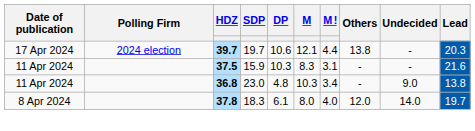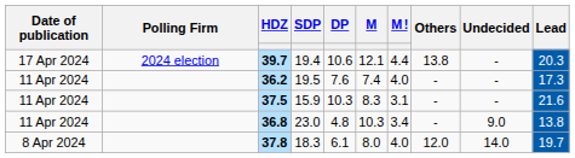 <table class="wikitable sortable" style="text-align:center; font-size:90%; line-height:16px;">
 <tr style="height:42px;">
 <th style="width:100px;" rowspan="2">Date of publication</th>
 <th style="width:165px;" rowspan="2">Polling Firm</th>
 <th><a href='#'>HDZ</a></th>
 <th><a href='#'>SDP</a></th>
 <th><a href='#'>DP</a></th>
 <th><a href='#'>M</a></th>
 <th style="letter-spacing:-1px;"><a href='#'>M !</a></th>
 <th class="unsortable" style="width:40px;" rowspan="2">Others</th>
 <th class="unsortable" style="width:40px;" rowspan="2">Undecided</th>
 <th class="unsortable" style="width:20px;" rowspan="2">Lead</th>
 </tr>
 <tr>
 <th style="color:inherit;background:"></th>
 <th data-sort-type="number" style="color:inherit;background:"></th>
 <th style="color:inherit;background:"></th>
 <th style="color:inherit;background:"></th>
 <th style="color:inherit;background:"></th>
 </tr>
 <tr>
 <td>17 Apr 2024</td>
 <td><a href='#'>2024 election</a></td>
 <td style="background:#B3E0FF"><strong>39.7</strong></td>
-<td>19.7</td>
+<td>19.4</td>
 <td>10.6</td>
 <td>12.1</td>
 <td>4.4</td>
 <td>13.8</td>
 <td>-</td>
 <td style="background:#005BAA; color: white">20.3</td>
+</tr>
+<tr>
+<td>11 Apr 2024</td>
+<td></td>
+<td style="background:#B3E0FF"><strong>36.2</strong></td>
+<td>19.5</td>
+<td>7.6</td>
+<td>7.4</td>
+<td>4.0</td>
+<td>-</td>
+<td>-</td>
+<td style="background:#005BAA; color: white">17.3</td>
 </tr>
 <tr>
 <td>11 Apr 2024</td>
 <td></td>
 <td style="background:#B3E0FF"><strong>37.5</strong></td>
 <td>15.9</td>
 <td>10.3</td>
 <td>8.3</td>
 <td>3.1</td>
 <td>-</td>
 <td>-</td>
 <td style="background:#005BAA; color: white">21.6</td>
 </tr>
 <tr>
 <td>11 Apr 2024</td>
 <td></td>
 <td style="background:#B3E0FF"><strong>36.8</strong></td>
 <td>23.0</td>
 <td>4.8</td>
 <td>10.3</td>
 <td>3.4</td>
 <td>-</td>
 <td>9.0</td>
 <td style="background:#005BAA; color: white">13.8</td>
 </tr>
 <tr>
 <td>8 Apr 2024</td>
 <td></td>
 <td style="background:#B3E0FF"><strong>37.8</strong></td>
 <td>18.3</td>
 <td>6.1</td>
 <td>8.0</td>
 <td>4.0</td>
 <td>12.0</td>
 <td>14.0</td>
 <td style="background:#005BAA; color: white">19.7</td>
 </tr>
 </table>
